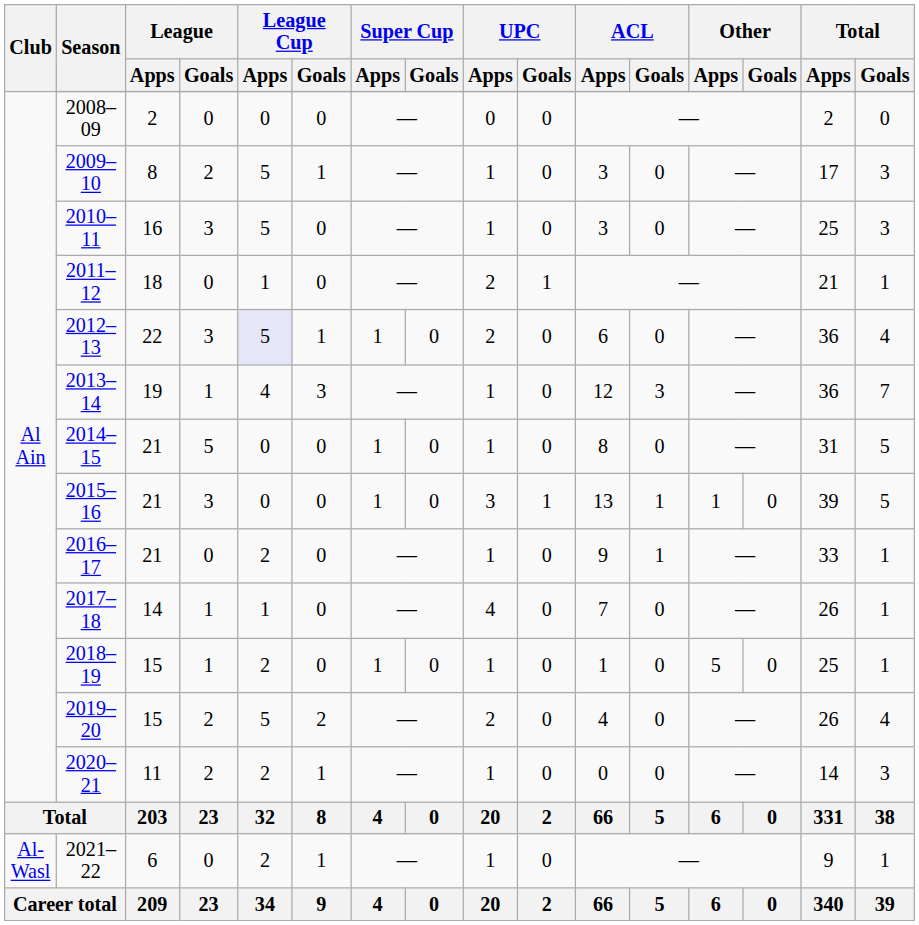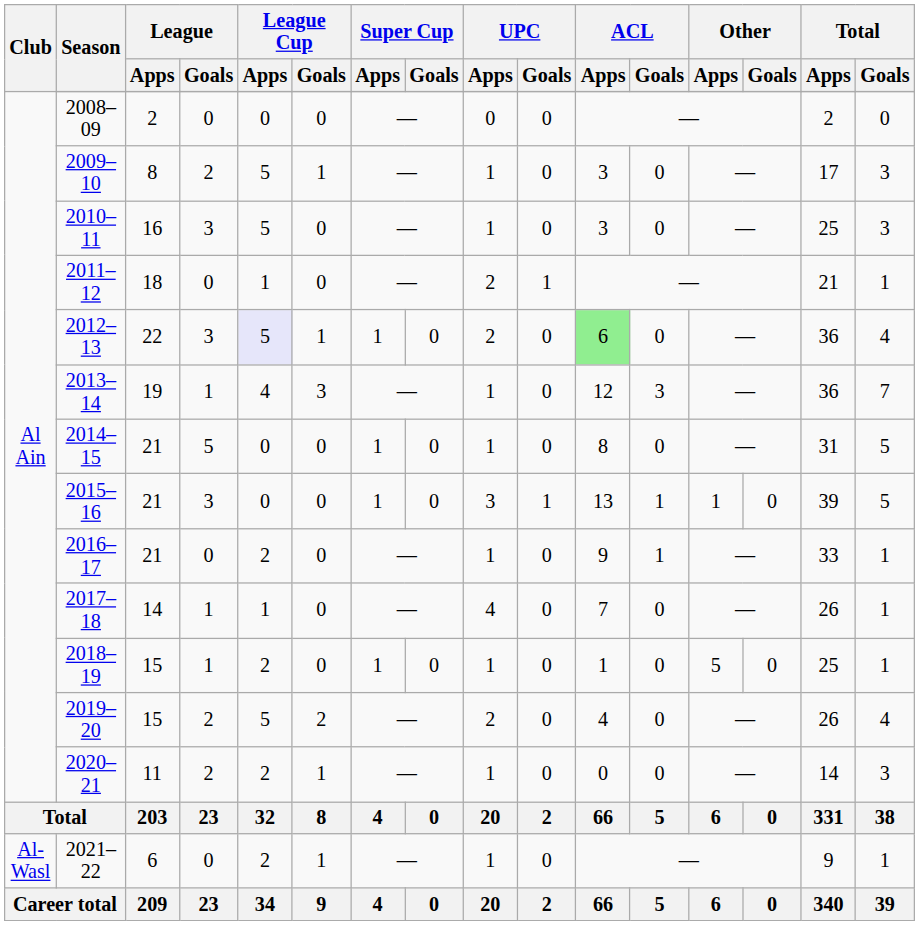 <table class="wikitable" style="text-align:center">
 <tr>
 <th rowspan="2" style="width:90px;">Club</th>
 <th rowspan="2" style="width:90px;">Season</th>
 <th colspan="2">League</th>
 <th colspan="2"><a href='#'>League Cup</a></th>
 <th colspan="2"><a href='#'>Super Cup</a></th>
 <th colspan="2"><a href='#'>UPC</a></th>
 <th colspan="2"><a href='#'>ACL</a></th>
 <th colspan="2">Other</th>
 <th colspan="2">Total</th>
 </tr>
 <tr>
 <th>Apps</th>
 <th>Goals</th>
 <th>Apps</th>
 <th>Goals</th>
 <th>Apps</th>
 <th>Goals</th>
 <th>Apps</th>
 <th>Goals</th>
 <th>Apps</th>
 <th>Goals</th>
 <th>Apps</th>
 <th>Goals</th>
 <th>Apps</th>
 <th>Goals</th>
 </tr>
 <tr align=center>
 <td rowspan="14" align=center valign=center><a href='#'>Al Ain</a></td>
 </tr>
 <tr>
 <td>2008–09</td>
 <td>2</td>
 <td>0</td>
 <td>0</td>
 <td>0</td>
 <td colspan="2">—</td>
 <td>0</td>
 <td>0</td>
 <td colspan="4">—</td>
 <td>2</td>
 <td>0</td>
 </tr>
 <tr>
 <td><a href='#'>2009–10</a></td>
 <td>8</td>
 <td>2</td>
 <td>5</td>
 <td>1</td>
 <td colspan="2">—</td>
 <td>1</td>
 <td>0</td>
 <td>3</td>
 <td>0</td>
 <td colspan="2">—</td>
 <td>17</td>
 <td>3</td>
 </tr>
 <tr>
 <td><a href='#'>2010–11</a></td>
 <td>16</td>
 <td>3</td>
 <td>5</td>
 <td>0</td>
 <td colspan="2">—</td>
 <td>1</td>
 <td>0</td>
 <td>3</td>
 <td>0</td>
 <td colspan="2">—</td>
 <td>25</td>
 <td>3</td>
 </tr>
 <tr>
 <td><a href='#'>2011–12</a></td>
 <td>18</td>
 <td>0</td>
 <td>1</td>
 <td>0</td>
 <td colspan="2">—</td>
 <td>2</td>
 <td>1</td>
 <td colspan="4">—</td>
 <td>21</td>
 <td>1</td>
 </tr>
 <tr>
 <td><a href='#'>2012–13</a></td>
 <td>22</td>
 <td>3</td>
 <td style="background: lavender;">5</td>
 <td>1</td>
 <td>1</td>
 <td>0</td>
 <td>2</td>
 <td>0</td>
-<td>6</td>
+<td style="background: lightgreen;">6</td>
 <td>0</td>
 <td colspan="2">—</td>
 <td>36</td>
 <td>4</td>
 </tr>
 <tr>
 <td><a href='#'>2013–14</a></td>
 <td>19</td>
 <td>1</td>
 <td>4</td>
 <td>3</td>
 <td colspan="2">—</td>
 <td>1</td>
 <td>0</td>
 <td>12</td>
 <td>3</td>
 <td colspan="2">—</td>
 <td>36</td>
 <td>7</td>
 </tr>
 <tr>
 <td><a href='#'>2014–15</a></td>
 <td>21</td>
 <td>5</td>
 <td>0</td>
 <td>0</td>
 <td>1</td>
 <td>0</td>
 <td>1</td>
 <td>0</td>
 <td>8</td>
 <td>0</td>
 <td colspan="2">—</td>
 <td>31</td>
 <td>5</td>
 </tr>
 <tr>
 <td><a href='#'>2015–16</a></td>
 <td>21</td>
 <td>3</td>
 <td>0</td>
 <td>0</td>
 <td>1</td>
 <td>0</td>
 <td>3</td>
 <td>1</td>
 <td>13</td>
 <td>1</td>
 <td>1</td>
 <td>0</td>
 <td>39</td>
 <td>5</td>
 </tr>
 <tr>
 <td><a href='#'>2016–17</a></td>
 <td>21</td>
 <td>0</td>
 <td>2</td>
 <td>0</td>
 <td colspan="2">—</td>
 <td>1</td>
 <td>0</td>
 <td>9</td>
 <td>1</td>
 <td colspan="2">—</td>
 <td>33</td>
 <td>1</td>
 </tr>
 <tr>
 <td><a href='#'>2017–18</a></td>
 <td>14</td>
 <td>1</td>
 <td>1</td>
 <td>0</td>
 <td colspan="2">—</td>
 <td>4</td>
 <td>0</td>
 <td>7</td>
 <td>0</td>
 <td colspan="2">—</td>
 <td>26</td>
 <td>1</td>
 </tr>
 <tr>
 <td><a href='#'>2018–19</a></td>
 <td>15</td>
 <td>1</td>
 <td>2</td>
 <td>0</td>
 <td>1</td>
 <td>0</td>
 <td>1</td>
 <td>0</td>
 <td>1</td>
 <td>0</td>
 <td>5</td>
 <td>0</td>
 <td>25</td>
 <td>1</td>
 </tr>
 <tr>
 <td><a href='#'>2019–20</a></td>
 <td>15</td>
 <td>2</td>
 <td>5</td>
 <td>2</td>
 <td colspan="2">—</td>
 <td>2</td>
 <td>0</td>
 <td>4</td>
 <td>0</td>
 <td colspan="2">—</td>
 <td>26</td>
 <td>4</td>
 </tr>
 <tr>
 <td><a href='#'>2020–21</a></td>
 <td>11</td>
 <td>2</td>
 <td>2</td>
 <td>1</td>
 <td colspan="2">—</td>
 <td>1</td>
 <td>0</td>
 <td>0</td>
 <td>0</td>
 <td colspan="2">—</td>
 <td>14</td>
 <td>3</td>
 </tr>
 <tr>
 <th colspan="2">Total</th>
 <th>203</th>
 <th>23</th>
 <th>32</th>
 <th>8</th>
 <th>4</th>
 <th>0</th>
 <th>20</th>
 <th>2</th>
 <th>66</th>
 <th>5</th>
 <th>6</th>
 <th>0</th>
 <th>331</th>
 <th>38</th>
 </tr>
 <tr>
 <td><a href='#'>Al-Wasl</a></td>
 <td>2021–22</td>
 <td>6</td>
 <td>0</td>
 <td>2</td>
 <td>1</td>
 <td colspan="2">—</td>
 <td>1</td>
 <td>0</td>
 <td colspan="4">—</td>
 <td>9</td>
 <td>1</td>
 </tr>
 <tr>
 <th colspan="2">Career total</th>
 <th>209</th>
 <th>23</th>
 <th>34</th>
 <th>9</th>
 <th>4</th>
 <th>0</th>
 <th>20</th>
 <th>2</th>
 <th>66</th>
 <th>5</th>
 <th>6</th>
 <th>0</th>
 <th>340</th>
 <th>39</th>
 </tr>
 </table>
